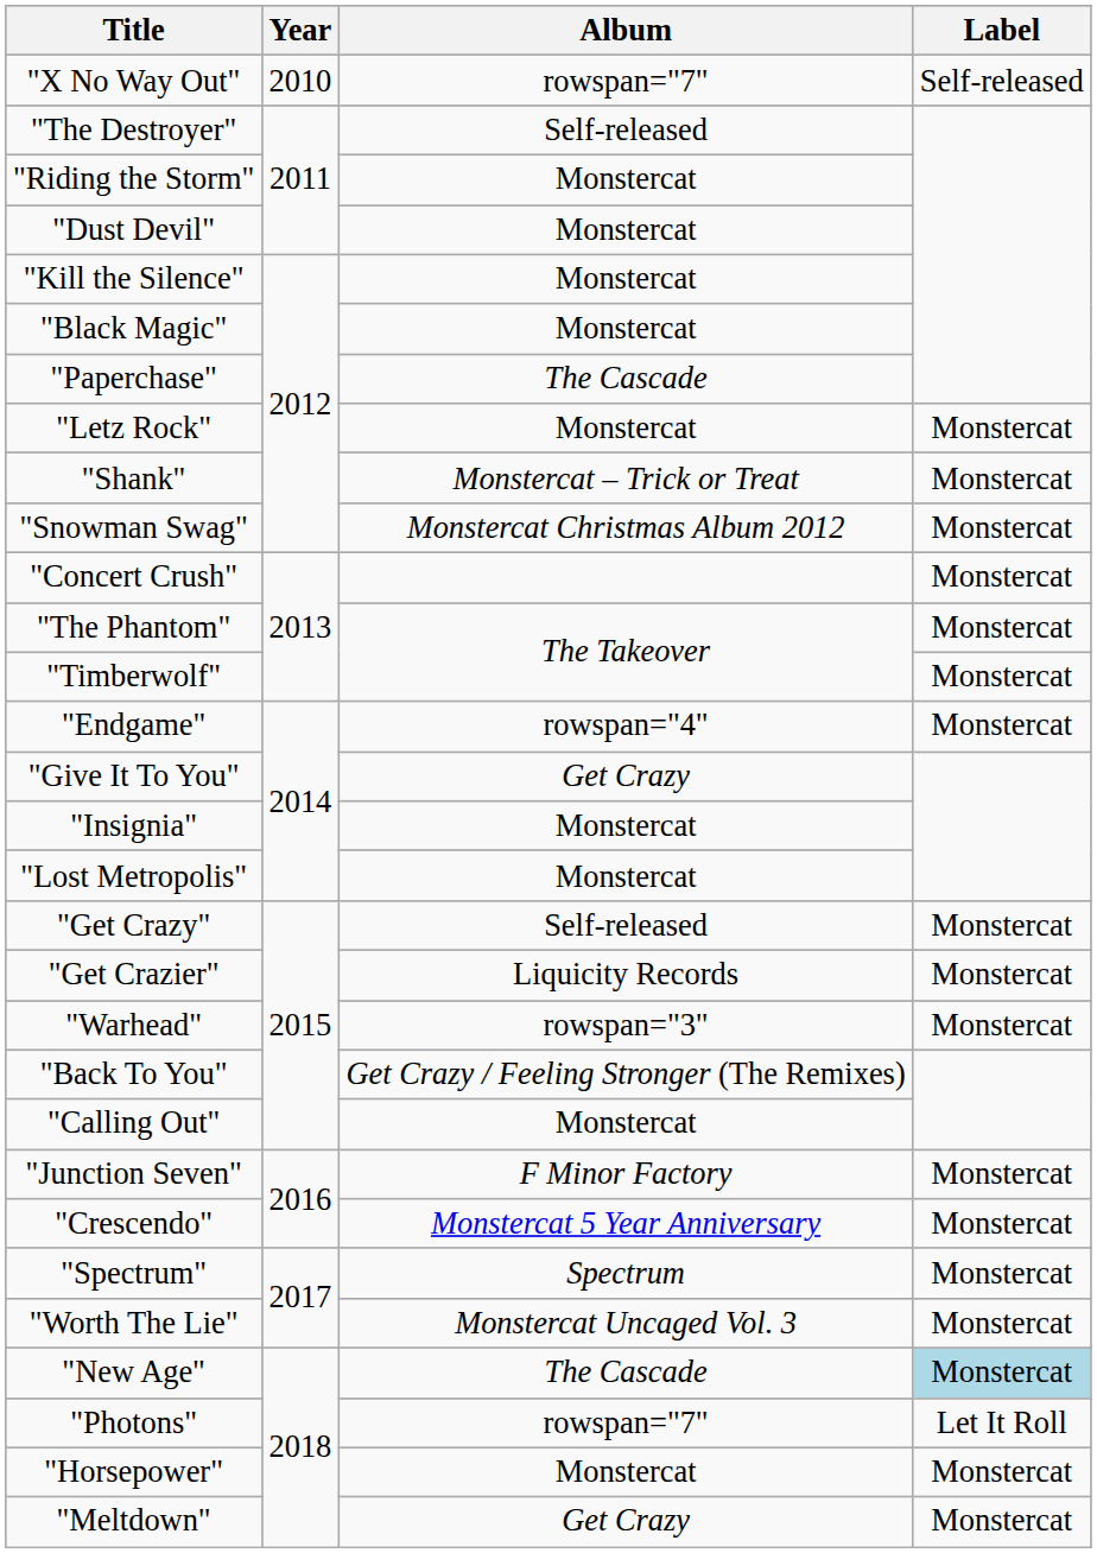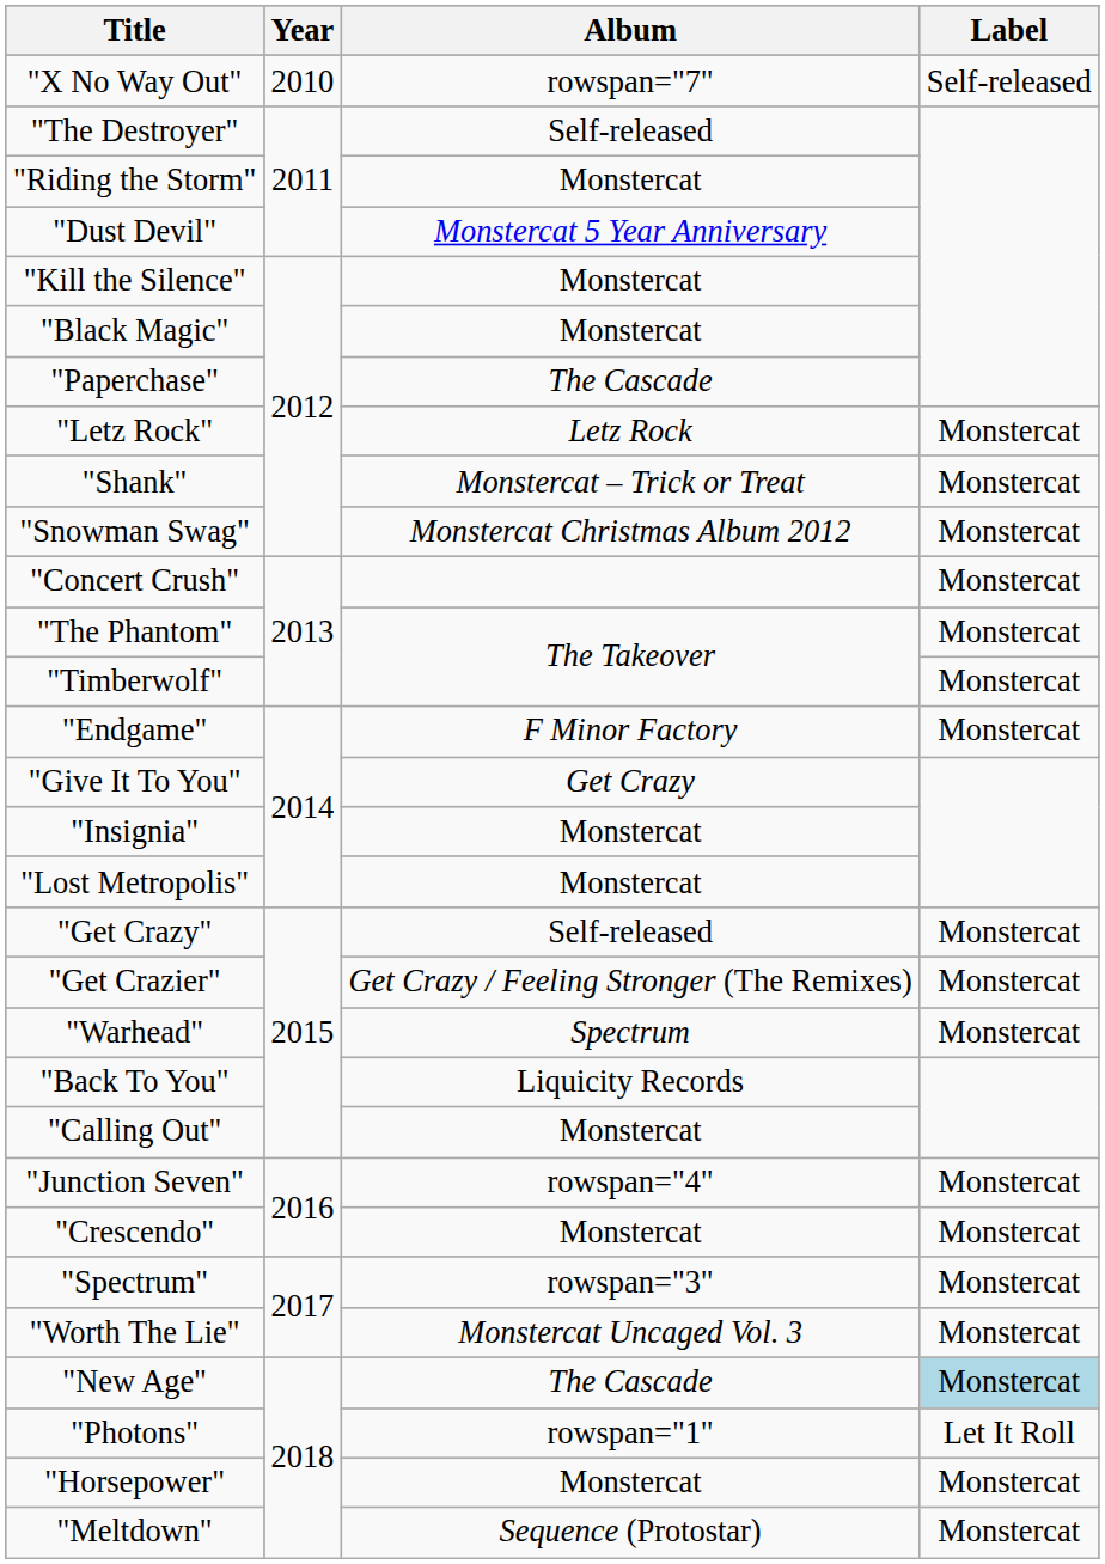 <table class="wikitable plainrowheaders" style="text-align:center;">
 <tr>
 <th scope="col">Title</th>
 <th scope="col">Year</th>
 <th scope="col">Album</th>
 <th scope="col">Label</th>
 </tr>
 <tr>
 <td>"X No Way Out"</td>
 <td>2010</td>
 <td>rowspan="7" </td>
 <td>Self-released</td>
 </tr>
 <tr>
 <td>"The Destroyer"</td>
 <td rowspan="3">2011</td>
 <td>Self-released</td>
 </tr>
 <tr>
 <td>"Riding the Storm"</td>
 <td>Monstercat</td>
 </tr>
 <tr>
 <td>"Dust Devil"</td>
-<td>Monstercat</td>
+<td><em><a href='#'>Monstercat 5 Year Anniversary</a></em></td>
 </tr>
 <tr>
 <td>"Kill the Silence"</td>
 <td rowspan="6">2012</td>
 <td>Monstercat</td>
 </tr>
 <tr>
 <td>"Black Magic" </td>
 <td>Monstercat</td>
 </tr>
 <tr>
 <td>"Paperchase"</td>
 <td><em>The Cascade</em></td>
 </tr>
 <tr>
 <td>"Letz Rock"</td>
-<td>Monstercat</td>
+<td><em>Letz Rock</em></td>
 <td>Monstercat</td>
 </tr>
 <tr>
 <td>"Shank"</td>
 <td><em>Monstercat – Trick or Treat</em></td>
 <td>Monstercat</td>
 </tr>
 <tr>
 <td>"Snowman Swag"</td>
 <td><em>Monstercat Christmas Album 2012</em></td>
 <td>Monstercat</td>
 </tr>
 <tr>
 <td>"Concert Crush"</td>
 <td rowspan="3">2013</td>
 <td></td>
 <td>Monstercat</td>
 </tr>
 <tr>
 <td>"The Phantom" </td>
 <td rowspan="2"><em>The Takeover</em></td>
 <td>Monstercat</td>
 </tr>
 <tr>
 <td>"Timberwolf"</td>
 <td>Monstercat</td>
 </tr>
 <tr>
 <td>"Endgame"</td>
 <td rowspan="4">2014</td>
-<td>rowspan="4" </td>
+<td><em>F Minor Factory</em></td>
 <td>Monstercat</td>
 </tr>
 <tr>
 <td>"Give It To You" </td>
 <td><em>Get Crazy</em></td>
 </tr>
 <tr>
 <td>"Insignia"</td>
 <td>Monstercat</td>
 </tr>
 <tr>
 <td>"Lost Metropolis"</td>
 <td>Monstercat</td>
 </tr>
 <tr>
 <td>"Get Crazy"</td>
 <td rowspan="5">2015</td>
 <td>Self-released</td>
 <td>Monstercat</td>
 </tr>
 <tr>
 <td>"Get Crazier"</td>
-<td>Liquicity Records</td>
+<td><em>Get Crazy / Feeling Stronger</em> (The Remixes)</td>
 <td>Monstercat</td>
 </tr>
 <tr>
 <td>"Warhead" </td>
-<td>rowspan="3" </td>
+<td><em>Spectrum</em></td>
 <td>Monstercat</td>
 </tr>
 <tr>
 <td>"Back To You" </td>
-<td><em>Get Crazy / Feeling Stronger</em> (The Remixes)</td>
+<td>Liquicity Records</td>
 </tr>
 <tr>
 <td>"Calling Out" </td>
 <td>Monstercat</td>
 </tr>
 <tr>
 <td>"Junction Seven"</td>
 <td rowspan="2">2016</td>
-<td><em>F Minor Factory</em></td>
+<td>rowspan="4" </td>
 <td>Monstercat</td>
 </tr>
 <tr>
 <td>"Crescendo"</td>
-<td><em><a href='#'>Monstercat 5 Year Anniversary</a></em></td>
+<td>Monstercat</td>
 <td>Monstercat</td>
 </tr>
 <tr>
 <td>"Spectrum"</td>
 <td rowspan="2">2017</td>
-<td><em>Spectrum</em></td>
+<td>rowspan="3" </td>
 <td>Monstercat</td>
 </tr>
 <tr>
 <td>"Worth The Lie" </td>
 <td><em>Monstercat Uncaged Vol. 3</em></td>
 <td>Monstercat</td>
 </tr>
 <tr>
 <td>"New Age" </td>
 <td rowspan="4">2018</td>
 <td><em>The Cascade</em></td>
 <td style="background: lightblue;">Monstercat</td>
 </tr>
 <tr>
 <td>"Photons"</td>
-<td>rowspan="7" </td>
+<td>rowspan="1" </td>
 <td>Let It Roll</td>
 </tr>
 <tr>
 <td>"Horsepower"</td>
 <td>Monstercat</td>
 <td>Monstercat</td>
 </tr>
 <tr>
 <td>"Meltdown" </td>
-<td><em>Get Crazy</em></td>
+<td><em>Sequence</em> (Protostar)</td>
 <td>Monstercat</td>
 </tr>
 </table>
